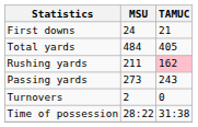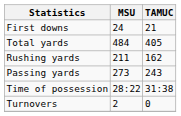 <table class="wikitable" style="float: left;">
 <tr>
 <th>Statistics</th>
 <th>MSU</th>
 <th>TAMUC</th>
 </tr>
 <tr>
 <td>First downs</td>
 <td>24</td>
 <td>21</td>
 </tr>
 <tr>
 <td>Total yards</td>
 <td>484</td>
 <td>405</td>
 </tr>
 <tr>
 <td>Rushing yards</td>
 <td>211</td>
-<td style="background: pink;">162</td>
+<td>162</td>
 </tr>
 <tr>
 <td>Passing yards</td>
 <td>273</td>
 <td>243</td>
 </tr>
 <tr>
+<td>Time of possession</td>
+<td>28:22</td>
+<td>31:38</td>
+</tr>
+<tr>
 <td>Turnovers</td>
 <td>2</td>
 <td>0</td>
 </tr>
 <tr>
-<td>Time of possession</td>
-<td>28:22</td>
-<td>31:38</td>
-</tr>
-<tr>
 </tr>
 </table>
